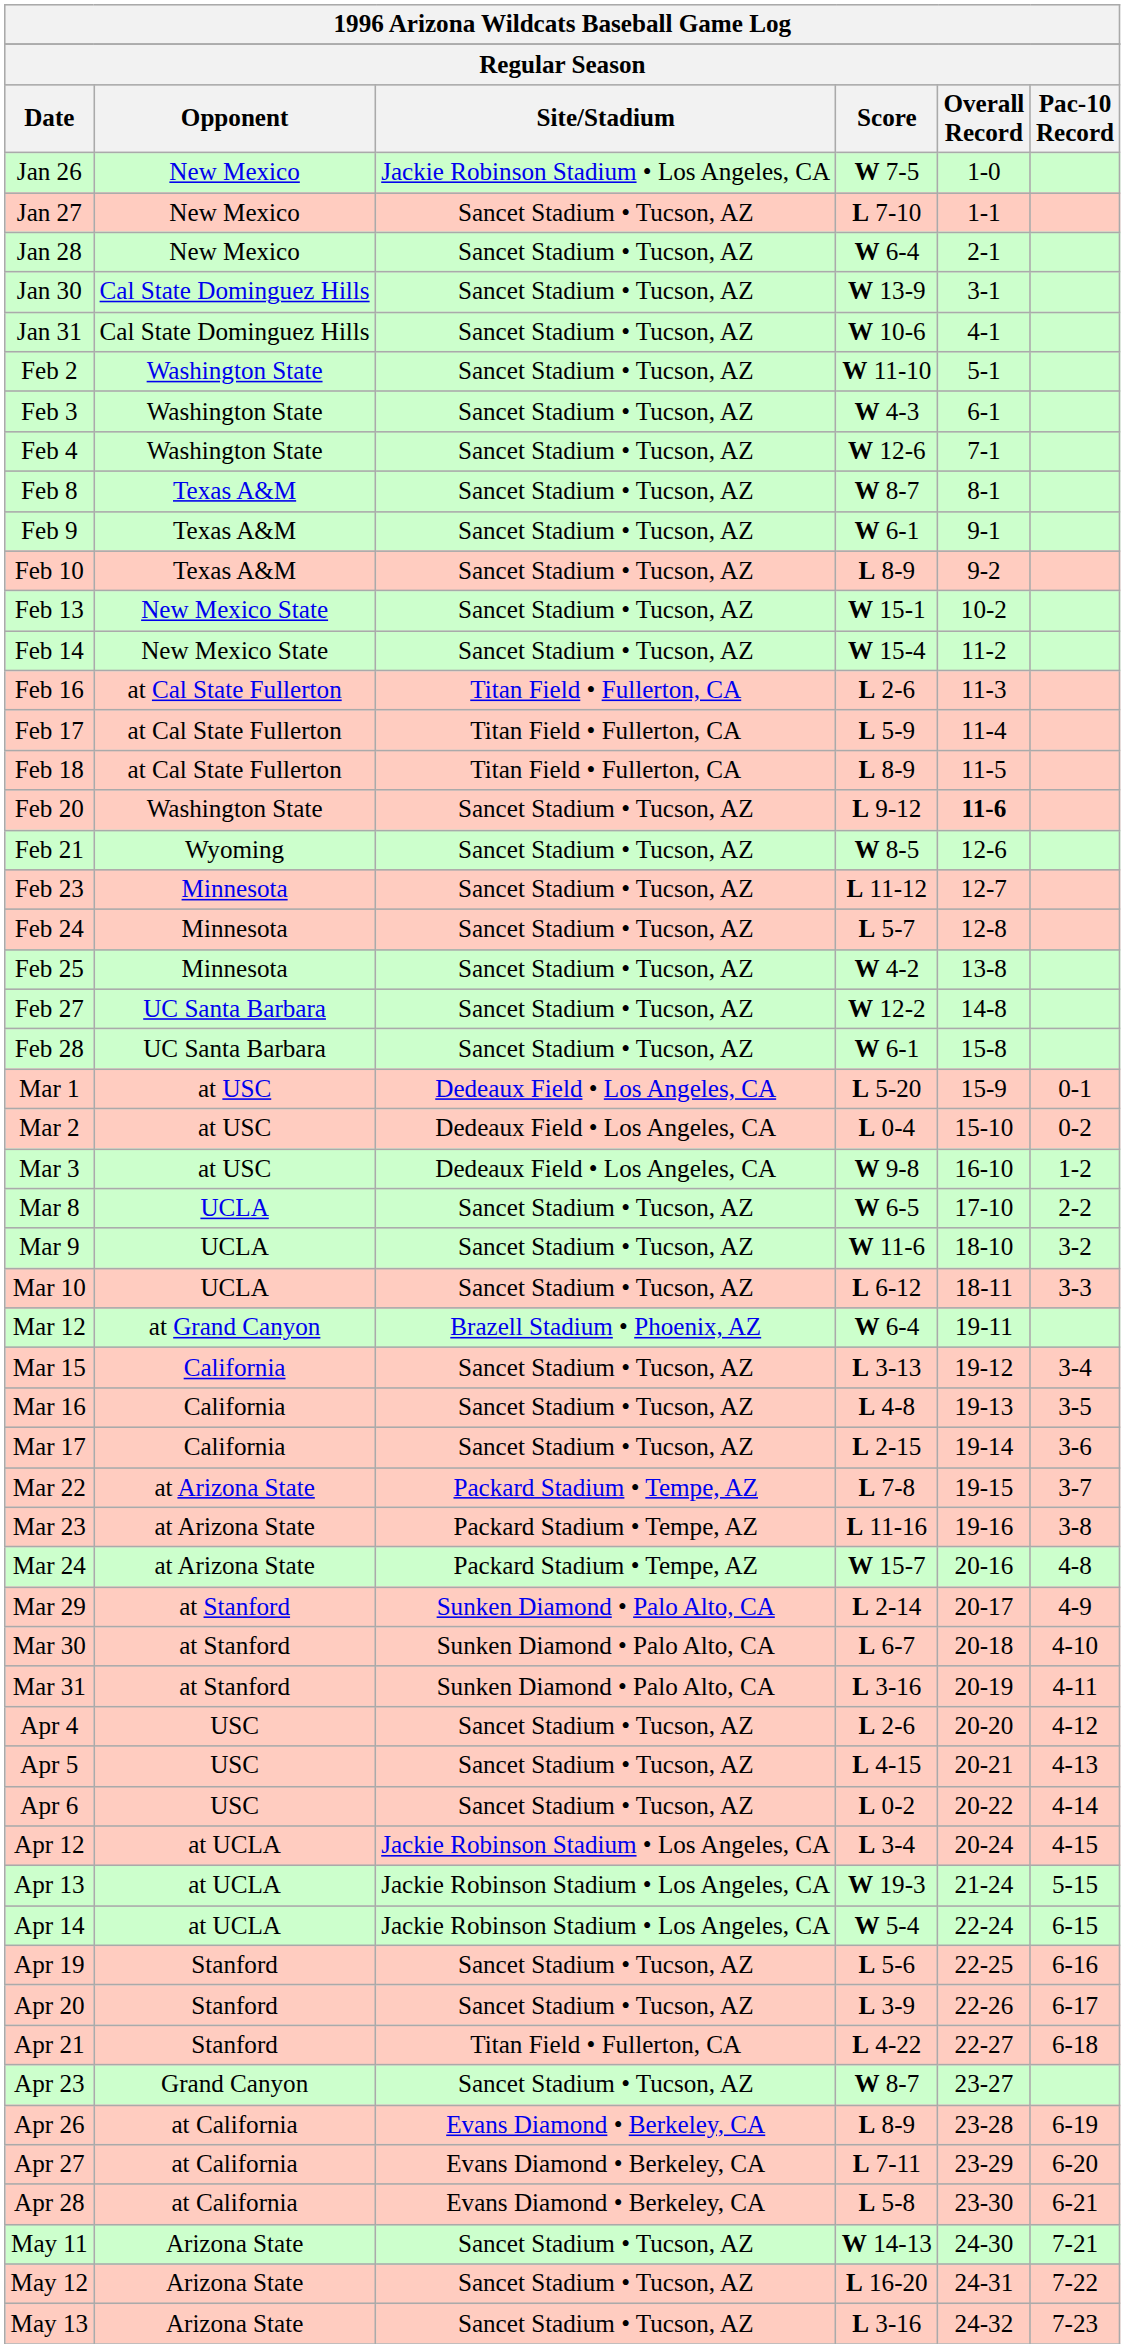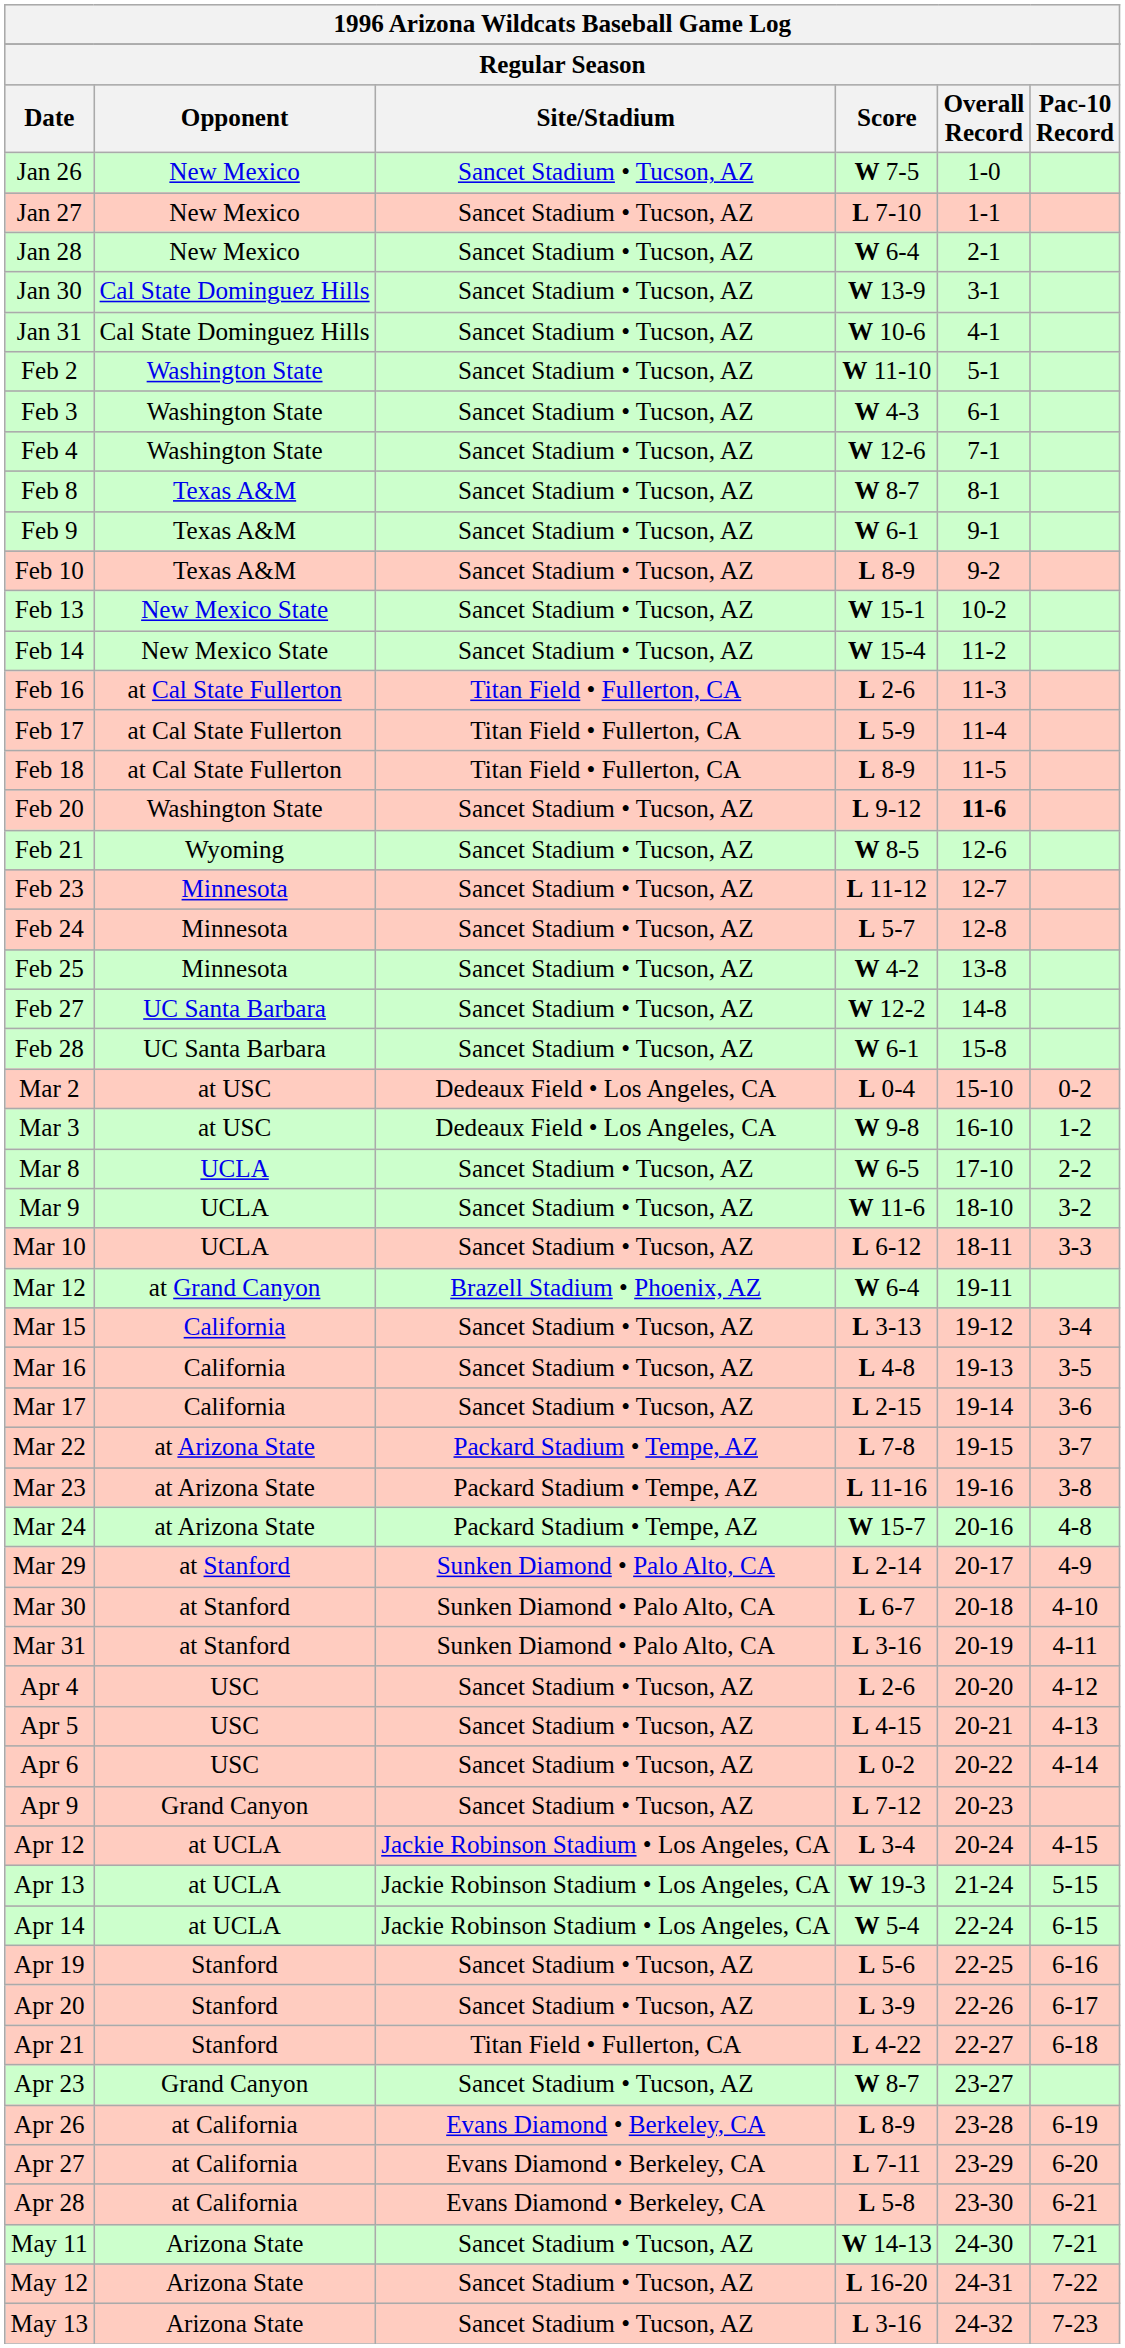 <table class="wikitable">
 <tr>
 <th colspan="6">1996 Arizona Wildcats Baseball Game Log</th>
 </tr>
 <tr>
 </tr>
 <tr>
 <th colspan="6">Regular Season</th>
 </tr>
 <tr>
 <th>Date</th>
 <th>Opponent</th>
 <th>Site/Stadium</th>
 <th>Score</th>
 <th>Overall<br>Record</th>
 <th>Pac-10<br>Record</th>
 </tr>
 <tr bgcolor="ccffcc" align="center">
 <td>Jan 26</td>
 <td><a href='#'>New Mexico</a></td>
-<td><a href='#'>Jackie Robinson Stadium</a> • Los Angeles, CA</td>
+<td><a href='#'>Sancet Stadium</a> • <a href='#'>Tucson, AZ</a></td>
 <td><strong>W</strong> 7-5</td>
 <td>1-0</td>
 <td></td>
 </tr>
 <tr bgcolor="ffccc" align="center">
 <td>Jan 27</td>
 <td>New Mexico</td>
 <td>Sancet Stadium • Tucson, AZ</td>
 <td><strong>L</strong> 7-10</td>
 <td>1-1</td>
 <td></td>
 </tr>
 <tr bgcolor="ccffcc" align="center">
 <td>Jan 28</td>
 <td>New Mexico</td>
 <td>Sancet Stadium • Tucson, AZ</td>
 <td><strong>W</strong> 6-4</td>
 <td>2-1</td>
 <td></td>
 </tr>
 <tr bgcolor="ccffcc" align="center">
 <td>Jan 30</td>
 <td><a href='#'>Cal State Dominguez Hills</a></td>
 <td>Sancet Stadium • Tucson, AZ</td>
 <td><strong>W</strong> 13-9</td>
 <td>3-1</td>
 <td></td>
 </tr>
 <tr bgcolor="ccffcc" align="center">
 <td>Jan 31</td>
 <td>Cal State Dominguez Hills</td>
 <td>Sancet Stadium • Tucson, AZ</td>
 <td><strong>W</strong> 10-6</td>
 <td>4-1</td>
 <td></td>
 </tr>
 <tr bgcolor="ccffcc" align="center">
 <td>Feb 2</td>
 <td><a href='#'>Washington State</a></td>
 <td>Sancet Stadium • Tucson, AZ</td>
 <td><strong>W</strong> 11-10</td>
 <td>5-1</td>
 <td></td>
 </tr>
 <tr bgcolor="ccffcc" align="center">
 <td>Feb 3</td>
 <td>Washington State</td>
 <td>Sancet Stadium • Tucson, AZ</td>
 <td><strong>W</strong> 4-3</td>
 <td>6-1</td>
 <td></td>
 </tr>
 <tr bgcolor="ccffcc" align="center">
 <td>Feb 4</td>
 <td>Washington State</td>
 <td>Sancet Stadium • Tucson, AZ</td>
 <td><strong>W</strong> 12-6</td>
 <td>7-1</td>
 <td></td>
 </tr>
 <tr bgcolor="ccffcc" align="center">
 <td>Feb 8</td>
 <td><a href='#'>Texas A&M</a></td>
 <td>Sancet Stadium • Tucson, AZ</td>
 <td><strong>W</strong> 8-7</td>
 <td>8-1</td>
 <td></td>
 </tr>
 <tr bgcolor="ccffcc" align="center">
 <td>Feb 9</td>
 <td>Texas A&M</td>
 <td>Sancet Stadium • Tucson, AZ</td>
 <td><strong>W</strong> 6-1</td>
 <td>9-1</td>
 <td></td>
 </tr>
 <tr bgcolor="ffccc" align="center">
 <td>Feb 10</td>
 <td>Texas A&M</td>
 <td>Sancet Stadium • Tucson, AZ</td>
 <td><strong>L</strong> 8-9</td>
 <td>9-2</td>
 <td></td>
 </tr>
 <tr bgcolor="ccffcc" align="center">
 <td>Feb 13</td>
 <td><a href='#'>New Mexico State</a></td>
 <td>Sancet Stadium • Tucson, AZ</td>
 <td><strong>W</strong> 15-1</td>
 <td>10-2</td>
 <td></td>
 </tr>
 <tr bgcolor="ccffcc" align="center">
 <td>Feb 14</td>
 <td>New Mexico State</td>
 <td>Sancet Stadium • Tucson, AZ</td>
 <td><strong>W</strong> 15-4</td>
 <td>11-2</td>
 <td></td>
 </tr>
 <tr bgcolor="ffccc" align="center">
 <td>Feb 16</td>
 <td>at <a href='#'>Cal State Fullerton</a></td>
 <td><a href='#'>Titan Field</a> • <a href='#'>Fullerton, CA</a></td>
 <td><strong>L</strong> 2-6</td>
 <td>11-3</td>
 <td></td>
 </tr>
 <tr bgcolor="ffccc" align="center">
 <td>Feb 17</td>
 <td>at Cal State Fullerton</td>
 <td>Titan Field • Fullerton, CA</td>
 <td><strong>L</strong> 5-9</td>
 <td>11-4</td>
 <td></td>
 </tr>
 <tr bgcolor="ffccc" align="center">
 <td>Feb 18</td>
 <td>at Cal State Fullerton</td>
 <td>Titan Field • Fullerton, CA</td>
 <td><strong>L</strong> 8-9</td>
 <td>11-5</td>
 <td></td>
 </tr>
 <tr bgcolor="ffccc" align="center">
 <td>Feb 20</td>
 <td>Washington State</td>
 <td>Sancet Stadium • Tucson, AZ</td>
 <td><strong>L</strong> 9-12</td>
 <td><strong>11-6</strong></td>
 <td></td>
 </tr>
 <tr bgcolor="ccffcc" align="center">
 <td>Feb 21</td>
 <td>Wyoming</td>
 <td>Sancet Stadium • Tucson, AZ</td>
 <td><strong>W</strong> 8-5</td>
 <td>12-6</td>
 <td></td>
 </tr>
 <tr bgcolor="ffccc" align="center">
 <td>Feb 23</td>
 <td><a href='#'>Minnesota</a></td>
 <td>Sancet Stadium • Tucson, AZ</td>
 <td><strong>L</strong> 11-12</td>
 <td>12-7</td>
 <td></td>
 </tr>
 <tr bgcolor="ffccc" align="center">
 <td>Feb 24</td>
 <td>Minnesota</td>
 <td>Sancet Stadium • Tucson, AZ</td>
 <td><strong>L</strong> 5-7</td>
 <td>12-8</td>
 <td></td>
 </tr>
 <tr bgcolor="ccffcc" align="center">
 <td>Feb 25</td>
 <td>Minnesota</td>
 <td>Sancet Stadium • Tucson, AZ</td>
 <td><strong>W</strong> 4-2</td>
 <td>13-8</td>
 <td></td>
 </tr>
 <tr bgcolor="ccffcc" align="center">
 <td>Feb 27</td>
 <td><a href='#'>UC Santa Barbara</a></td>
 <td>Sancet Stadium • Tucson, AZ</td>
 <td><strong>W</strong> 12-2</td>
 <td>14-8</td>
 <td></td>
 </tr>
 <tr bgcolor="ccffcc" align="center">
 <td>Feb 28</td>
 <td>UC Santa Barbara</td>
 <td>Sancet Stadium • Tucson, AZ</td>
 <td><strong>W</strong> 6-1</td>
 <td>15-8</td>
 <td></td>
 </tr>
 <tr bgcolor="ffccc" align="center">
-<td>Mar 1</td>
-<td>at <a href='#'>USC</a></td>
-<td><a href='#'>Dedeaux Field</a> • <a href='#'>Los Angeles, CA</a></td>
-<td><strong>L</strong> 5-20</td>
-<td>15-9</td>
-<td>0-1</td>
-</tr>
-<tr bgcolor="ffccc" align="center">
 <td>Mar 2</td>
 <td>at USC</td>
 <td>Dedeaux Field • Los Angeles, CA</td>
 <td><strong>L</strong> 0-4</td>
 <td>15-10</td>
 <td>0-2</td>
 </tr>
 <tr bgcolor="ccffcc" align="center">
 <td>Mar 3</td>
 <td>at USC</td>
 <td>Dedeaux Field • Los Angeles, CA</td>
 <td><strong>W</strong> 9-8</td>
 <td>16-10</td>
 <td>1-2</td>
 </tr>
 <tr bgcolor="ccffcc" align="center">
 <td>Mar 8</td>
 <td><a href='#'>UCLA</a></td>
 <td>Sancet Stadium • Tucson, AZ</td>
 <td><strong>W</strong> 6-5</td>
 <td>17-10</td>
 <td>2-2</td>
 </tr>
 <tr bgcolor="ccffcc" align="center">
 <td>Mar 9</td>
 <td>UCLA</td>
 <td>Sancet Stadium • Tucson, AZ</td>
 <td><strong>W</strong> 11-6</td>
 <td>18-10</td>
 <td>3-2</td>
 </tr>
 <tr bgcolor="ffccc" align="center">
 <td>Mar 10</td>
 <td>UCLA</td>
 <td>Sancet Stadium • Tucson, AZ</td>
 <td><strong>L</strong> 6-12</td>
 <td>18-11</td>
 <td>3-3</td>
 </tr>
 <tr bgcolor="ccffcc" align="center">
 <td>Mar 12</td>
 <td>at <a href='#'>Grand Canyon</a></td>
 <td><a href='#'>Brazell Stadium</a> • <a href='#'>Phoenix, AZ</a></td>
 <td><strong>W</strong> 6-4</td>
 <td>19-11</td>
 <td></td>
 </tr>
 <tr bgcolor="ffccc" align="center">
 <td>Mar 15</td>
 <td><a href='#'>California</a></td>
 <td>Sancet Stadium • Tucson, AZ</td>
 <td><strong>L</strong> 3-13</td>
 <td>19-12</td>
 <td>3-4</td>
 </tr>
 <tr bgcolor="ffccc" align="center">
 <td>Mar 16</td>
 <td>California</td>
 <td>Sancet Stadium • Tucson, AZ</td>
 <td><strong>L</strong> 4-8</td>
 <td>19-13</td>
 <td>3-5</td>
 </tr>
 <tr bgcolor="ffccc" align="center">
 <td>Mar 17</td>
 <td>California</td>
 <td>Sancet Stadium • Tucson, AZ</td>
 <td><strong>L</strong> 2-15</td>
 <td>19-14</td>
 <td>3-6</td>
 </tr>
 <tr bgcolor="ffccc" align="center">
 <td>Mar 22</td>
 <td>at <a href='#'>Arizona State</a></td>
 <td><a href='#'>Packard Stadium</a> • <a href='#'>Tempe, AZ</a></td>
 <td><strong>L</strong> 7-8</td>
 <td>19-15</td>
 <td>3-7</td>
 </tr>
 <tr bgcolor="ffccc" align="center">
 <td>Mar 23</td>
 <td>at Arizona State</td>
 <td>Packard Stadium • Tempe, AZ</td>
 <td><strong>L</strong> 11-16</td>
 <td>19-16</td>
 <td>3-8</td>
 </tr>
 <tr bgcolor="ccffcc" align="center">
 <td>Mar 24</td>
 <td>at Arizona State</td>
 <td>Packard Stadium • Tempe, AZ</td>
 <td><strong>W</strong> 15-7</td>
 <td>20-16</td>
 <td>4-8</td>
 </tr>
 <tr bgcolor="ffccc" align="center">
 <td>Mar 29</td>
 <td>at <a href='#'>Stanford</a></td>
 <td><a href='#'>Sunken Diamond</a> • <a href='#'>Palo Alto, CA</a></td>
 <td><strong>L</strong> 2-14</td>
 <td>20-17</td>
 <td>4-9</td>
 </tr>
 <tr bgcolor="ffccc" align="center">
 <td>Mar 30</td>
 <td>at Stanford</td>
 <td>Sunken Diamond • Palo Alto, CA</td>
 <td><strong>L</strong> 6-7</td>
 <td>20-18</td>
 <td>4-10</td>
 </tr>
 <tr bgcolor="ffccc" align="center">
 <td>Mar 31</td>
 <td>at Stanford</td>
 <td>Sunken Diamond • Palo Alto, CA</td>
 <td><strong>L</strong> 3-16</td>
 <td>20-19</td>
 <td>4-11</td>
 </tr>
 <tr bgcolor="ffccc" align="center">
 <td>Apr 4</td>
 <td>USC</td>
 <td>Sancet Stadium • Tucson, AZ</td>
 <td><strong>L</strong> 2-6</td>
 <td>20-20</td>
 <td>4-12</td>
 </tr>
 <tr bgcolor="ffccc" align="center">
 <td>Apr 5</td>
 <td>USC</td>
 <td>Sancet Stadium • Tucson, AZ</td>
 <td><strong>L</strong> 4-15</td>
 <td>20-21</td>
 <td>4-13</td>
 </tr>
 <tr bgcolor="ffccc" align="center">
 <td>Apr 6</td>
 <td>USC</td>
 <td>Sancet Stadium • Tucson, AZ</td>
 <td><strong>L</strong> 0-2</td>
 <td>20-22</td>
 <td>4-14</td>
 </tr>
 <tr bgcolor="ffccc" align="center">
+<td>Apr 9</td>
+<td>Grand Canyon</td>
+<td>Sancet Stadium • Tucson, AZ</td>
+<td><strong>L</strong> 7-12</td>
+<td>20-23</td>
+<td></td>
+</tr>
+<tr bgcolor="ffccc" align="center">
 <td>Apr 12</td>
 <td>at UCLA</td>
 <td><a href='#'>Jackie Robinson Stadium</a> • Los Angeles, CA</td>
 <td><strong>L</strong> 3-4</td>
 <td>20-24</td>
 <td>4-15</td>
 </tr>
 <tr bgcolor="ccffcc" align="center">
 <td>Apr 13</td>
 <td>at UCLA</td>
 <td>Jackie Robinson Stadium • Los Angeles, CA</td>
 <td><strong>W</strong> 19-3</td>
 <td>21-24</td>
 <td>5-15</td>
 </tr>
 <tr bgcolor="ccffcc" align="center">
 <td>Apr 14</td>
 <td>at UCLA</td>
 <td>Jackie Robinson Stadium • Los Angeles, CA</td>
 <td><strong>W</strong> 5-4</td>
 <td>22-24</td>
 <td>6-15</td>
 </tr>
 <tr bgcolor="ffccc" align="center">
 <td>Apr 19</td>
 <td>Stanford</td>
 <td>Sancet Stadium • Tucson, AZ</td>
 <td><strong>L</strong> 5-6</td>
 <td>22-25</td>
 <td>6-16</td>
 </tr>
 <tr bgcolor="ffccc" align="center">
 <td>Apr 20</td>
 <td>Stanford</td>
 <td>Sancet Stadium • Tucson, AZ</td>
 <td><strong>L</strong> 3-9</td>
 <td>22-26</td>
 <td>6-17</td>
 </tr>
 <tr bgcolor="ffccc" align="center">
 <td>Apr 21</td>
 <td>Stanford</td>
 <td>Titan Field • Fullerton, CA</td>
 <td><strong>L</strong> 4-22</td>
 <td>22-27</td>
 <td>6-18</td>
 </tr>
 <tr bgcolor="ccffcc" align="center">
 <td>Apr 23</td>
 <td>Grand Canyon</td>
 <td>Sancet Stadium • Tucson, AZ</td>
 <td><strong>W</strong> 8-7</td>
 <td>23-27</td>
 <td></td>
 </tr>
 <tr bgcolor="ffccc" align="center">
 <td>Apr 26</td>
 <td>at California</td>
 <td><a href='#'>Evans Diamond</a> • <a href='#'>Berkeley, CA</a></td>
 <td><strong>L</strong> 8-9</td>
 <td>23-28</td>
 <td>6-19</td>
 </tr>
 <tr bgcolor="ffccc" align="center">
 <td>Apr 27</td>
 <td>at California</td>
 <td>Evans Diamond • Berkeley, CA</td>
 <td><strong>L</strong> 7-11</td>
 <td>23-29</td>
 <td>6-20</td>
 </tr>
 <tr bgcolor="ffccc" align="center">
 <td>Apr 28</td>
 <td>at California</td>
 <td>Evans Diamond • Berkeley, CA</td>
 <td><strong>L</strong> 5-8</td>
 <td>23-30</td>
 <td>6-21</td>
 </tr>
 <tr bgcolor="ccffcc" align="center">
 <td>May 11</td>
 <td>Arizona State</td>
 <td>Sancet Stadium • Tucson, AZ</td>
 <td><strong>W</strong> 14-13</td>
 <td>24-30</td>
 <td>7-21</td>
 </tr>
 <tr bgcolor="ffccc" align="center">
 <td>May 12</td>
 <td>Arizona State</td>
 <td>Sancet Stadium • Tucson, AZ</td>
 <td><strong>L</strong> 16-20</td>
 <td>24-31</td>
 <td>7-22</td>
 </tr>
 <tr bgcolor="ffccc" align="center">
 <td>May 13</td>
 <td>Arizona State</td>
 <td>Sancet Stadium • Tucson, AZ</td>
 <td><strong>L</strong> 3-16</td>
 <td>24-32</td>
 <td>7-23</td>
 </tr>
 </table>
